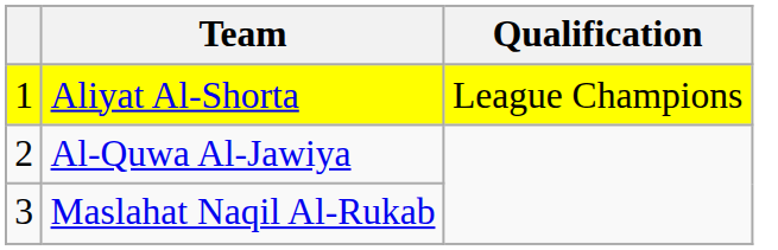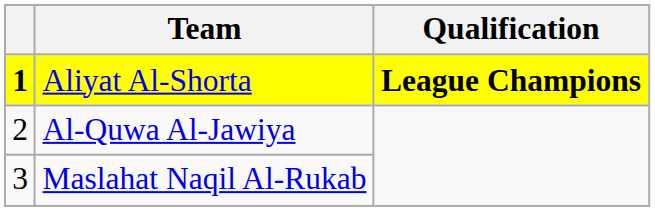 <table class="wikitable" style="text-align: center">
 <tr>
 <th><strong></strong></th>
 <th><strong>Team</strong></th>
 <th><strong>Qualification</strong></th>
 </tr>
 <tr>
-<td style="background:#FFFF00">1</td>
+<td style="background:#FFFF00"><strong>1</strong></td>
 <td style="background:#FFFF00;text-align: left"><a href='#'>Aliyat Al-Shorta</a></td>
-<td style="background:#FFFF00">League Champions</td>
+<td style="background:#FFFF00"><strong>League Champions</strong></td>
 </tr>
 <tr>
 <td>2</td>
 <td style="text-align: left"><a href='#'>Al-Quwa Al-Jawiya</a></td>
 </tr>
 <tr>
 <td>3</td>
 <td style="text-align: left"><a href='#'>Maslahat Naqil Al-Rukab</a></td>
 </tr>
 </table>
